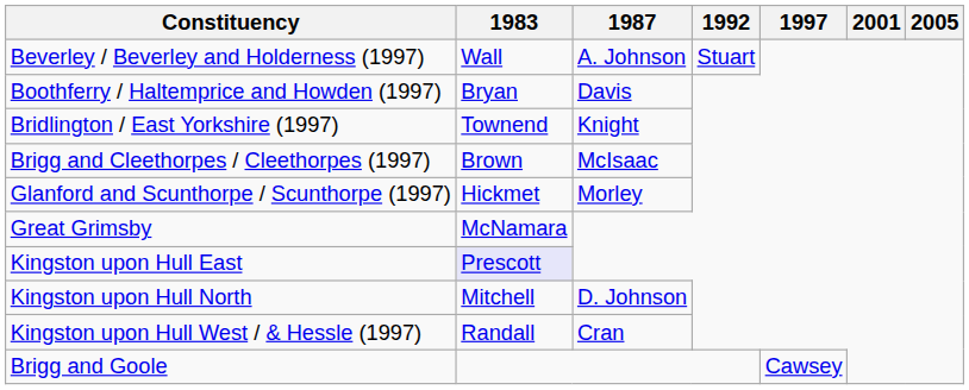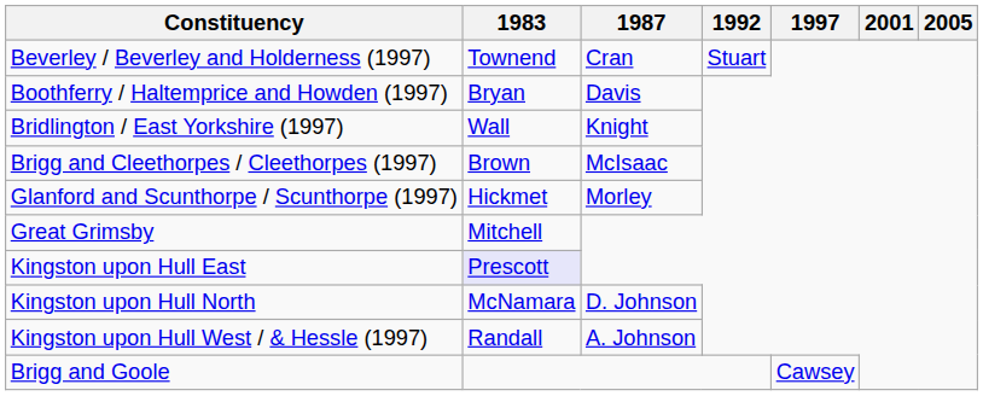 <table class="wikitable">
 <tr>
 <th>Constituency</th>
 <th>1983</th>
 <th>1987</th>
 <th>1992</th>
 <th>1997</th>
 <th>2001</th>
 <th>2005</th>
 </tr>
 <tr>
 <td><a href='#'>Beverley</a> / <a href='#'>Beverley and Holderness</a> (1997)</td>
-<td><a href='#'>Wall</a></td>
-<td><a href='#'>A. Johnson</a></td>
+<td><a href='#'>Townend</a></td>
+<td><a href='#'>Cran</a></td>
 <td><a href='#'>Stuart</a></td>
 </tr>
 <tr>
 <td><a href='#'>Boothferry</a> / <a href='#'>Haltemprice and Howden</a> (1997)</td>
 <td><a href='#'>Bryan</a></td>
 <td><a href='#'>Davis</a></td>
 </tr>
 <tr>
 <td><a href='#'>Bridlington</a> / <a href='#'>East Yorkshire</a> (1997)</td>
-<td><a href='#'>Townend</a></td>
+<td><a href='#'>Wall</a></td>
 <td><a href='#'>Knight</a></td>
 </tr>
 <tr>
 <td><a href='#'>Brigg and Cleethorpes</a> / <a href='#'>Cleethorpes</a> (1997)</td>
 <td><a href='#'>Brown</a></td>
 <td><a href='#'>McIsaac</a></td>
 </tr>
 <tr>
 <td><a href='#'>Glanford and Scunthorpe</a> / <a href='#'>Scunthorpe</a> (1997)</td>
 <td><a href='#'>Hickmet</a></td>
 <td><a href='#'>Morley</a></td>
 </tr>
 <tr>
 <td><a href='#'>Great Grimsby</a></td>
-<td><a href='#'>McNamara</a></td>
+<td><a href='#'>Mitchell</a></td>
 </tr>
 <tr>
 <td><a href='#'>Kingston upon Hull East</a></td>
 <td style="background: lavender;"><a href='#'>Prescott</a></td>
 </tr>
 <tr>
 <td><a href='#'>Kingston upon Hull North</a></td>
-<td><a href='#'>Mitchell</a></td>
+<td><a href='#'>McNamara</a></td>
 <td><a href='#'>D. Johnson</a></td>
 </tr>
 <tr>
 <td><a href='#'>Kingston upon Hull West</a> / <a href='#'>& Hessle</a> (1997)</td>
 <td><a href='#'>Randall</a></td>
-<td><a href='#'>Cran</a></td>
+<td><a href='#'>A. Johnson</a></td>
 </tr>
 <tr>
 <td><a href='#'>Brigg and Goole</a></td>
 <td colspan="3"></td>
 <td><a href='#'>Cawsey</a></td>
 </tr>
 </table>
